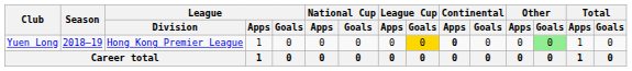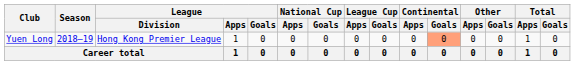 <table class="wikitable" style="text-align: center">
 <tr>
 <th rowspan="2">Club</th>
 <th rowspan="2">Season</th>
 <th colspan="3">League</th>
 <th colspan="2">National Cup</th>
 <th colspan="2">League Cup</th>
 <th colspan="2">Continental</th>
 <th colspan="2">Other</th>
 <th colspan="2">Total</th>
 </tr>
 <tr>
 <th>Division</th>
 <th>Apps</th>
 <th>Goals</th>
 <th>Apps</th>
 <th>Goals</th>
 <th>Apps</th>
 <th>Goals</th>
 <th>Apps</th>
 <th>Goals</th>
 <th>Apps</th>
 <th>Goals</th>
 <th>Apps</th>
 <th>Goals</th>
 </tr>
 <tr>
 <td><a href='#'>Yuen Long</a></td>
 <td><a href='#'>2018–19</a></td>
 <td><a href='#'>Hong Kong Premier League</a></td>
 <td>1</td>
 <td>0</td>
 <td>0</td>
 <td>0</td>
 <td>0</td>
-<td style="background: gold;">0</td>
-<td><strong>0</strong></td>
 <td>0</td>
 <td>0</td>
-<td style="background: lightgreen;">0</td>
+<td style="background: lightsalmon;">0</td>
+<td>0</td>
+<td>0</td>
 <td>1</td>
 <td>0</td>
 </tr>
 <tr>
 <th colspan=3>Career total</th>
 <th>1</th>
 <th>0</th>
 <th>0</th>
 <th>0</th>
 <th>0</th>
 <th>0</th>
 <th>0</th>
 <th>0</th>
 <th>0</th>
 <th>0</th>
 <th>1</th>
 <th>0</th>
 </tr>
 </table>
